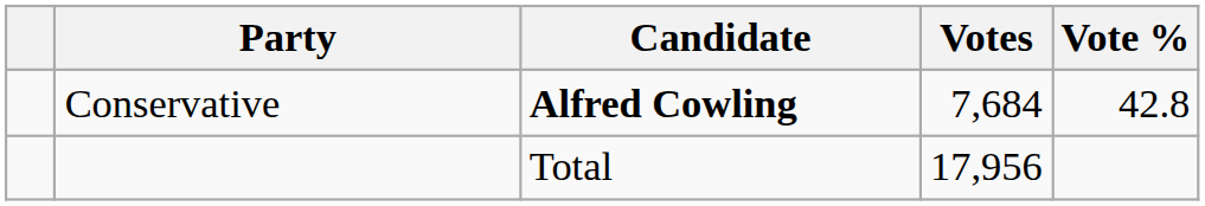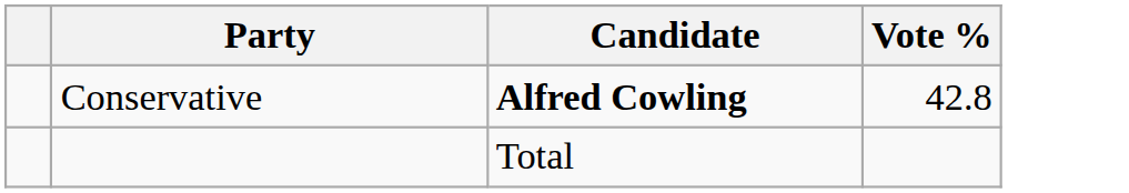 <table class="wikitable">
 <tr>
 <th></th>
 <th scope="col" width="175">Party</th>
 <th scope="col" width="150">Candidate</th>
-<th>Votes</th>
 <th>Vote %</th>
 </tr>
 <tr>
 <td>   </td>
 <td>Conservative</td>
 <td><strong>Alfred Cowling</strong></td>
-<td align=right>7,684</td>
 <td align=right>42.8<br>  </td>
 </tr>
 <tr |>
 <td></td>
 <td></td>
 <td>Total</td>
-<td align=right>17,956</td>
 <td></td>
 </tr>
 </table>
